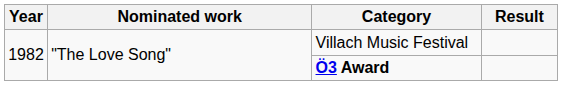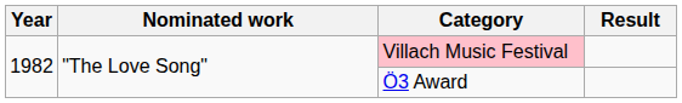 <table class="wikitable">
 <tr>
 <th width="32">Year</th>
 <th width="257">Nominated work</th>
 <th width="162">Category</th>
 <th width="69">Result</th>
 </tr>
 <tr>
 <td rowspan="2">1982</td>
 <td rowspan="2">"The Love Song"</td>
-<td>Villach Music Festival</td>
+<td style="background: pink;">Villach Music Festival</td>
 <td></td>
 </tr>
 <tr>
-<td><strong><a href='#'>Ö3</a> Award</strong></td>
+<td><a href='#'>Ö3</a> Award</td>
 <td></td>
 </tr>
 </table>
